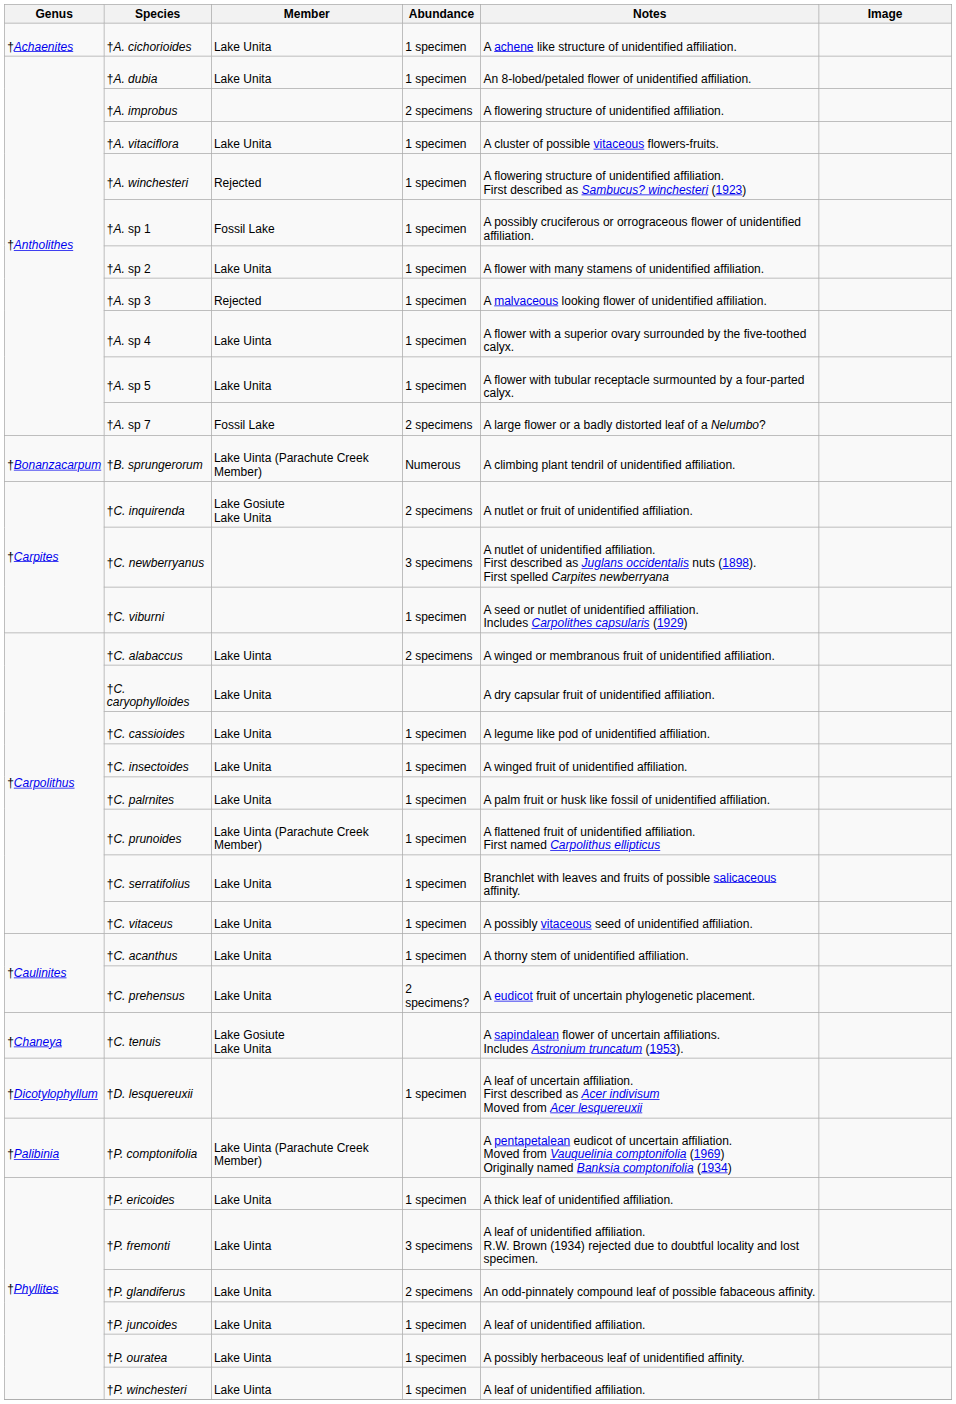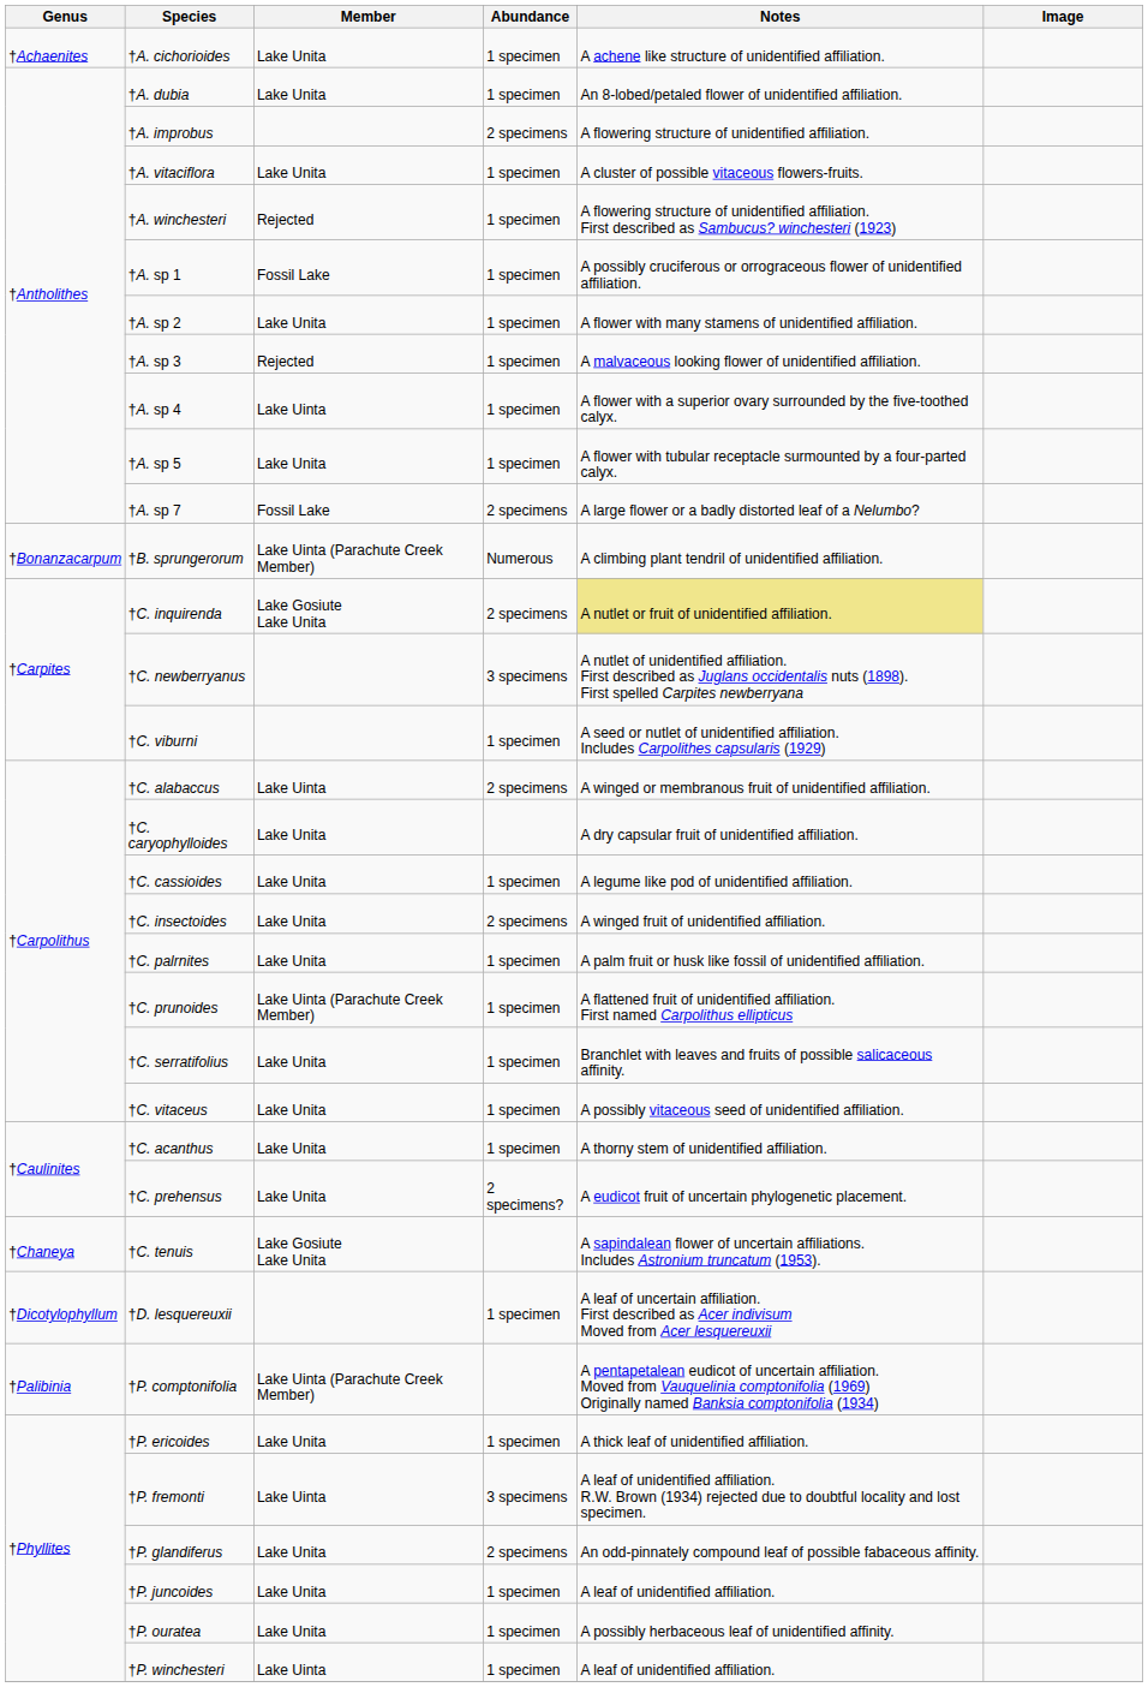 <table class="wikitable" style="margin:auto;width:100%;">
 <tr>
 <th>Genus</th>
 <th>Species</th>
 <th>Member</th>
 <th>Abundance</th>
 <th>Notes</th>
 <th width=170px>Image</th>
 </tr>
 <tr>
 <td><br>†<em><a href='#'>Achaenites</a></em></td>
 <td><br>†<em>A. cichorioides</em> </td>
 <td><br>Lake Unita</td>
 <td><br>1 specimen</td>
 <td><br>A <a href='#'>achene</a> like structure of unidentified affiliation.</td>
 <td><br></td>
 </tr>
 <tr>
 <td rowspan=10>†<em><a href='#'>Antholithes</a></em></td>
 <td><br>†<em>A. dubia</em> </td>
 <td><br>Lake Unita</td>
 <td><br>1 specimen</td>
 <td><br>An 8-lobed/petaled flower of unidentified affiliation.</td>
 <td></td>
 </tr>
 <tr>
 <td><br>†<em>A. improbus</em> </td>
 <td></td>
 <td><br>2 specimens</td>
 <td><br>A flowering structure of unidentified affiliation.</td>
 <td><br></td>
 </tr>
 <tr>
 <td><br>†<em>A. vitaciflora</em> </td>
 <td><br>Lake Unita</td>
 <td><br>1 specimen</td>
 <td><br>A cluster of possible <a href='#'>vitaceous</a> flowers-fruits.</td>
 <td></td>
 </tr>
 <tr>
 <td><br>†<em>A. winchesteri</em> </td>
 <td><br>Rejected</td>
 <td><br>1 specimen</td>
 <td><br>A flowering structure of unidentified affiliation.<br>First described as <em><a href='#'>Sambucus? winchesteri</a></em> (<a href='#'>1923</a>)</td>
 <td><br></td>
 </tr>
 <tr>
 <td><br>†<em>A.</em> sp 1 </td>
 <td><br>Fossil Lake</td>
 <td><br>1 specimen</td>
 <td><br>A possibly cruciferous or orrograceous flower of unidentified affiliation.</td>
 <td></td>
 </tr>
 <tr>
 <td><br>†<em>A.</em> sp 2 </td>
 <td><br>Lake Unita</td>
 <td><br>1 specimen</td>
 <td><br>A flower with many stamens of unidentified affiliation.</td>
 <td></td>
 </tr>
 <tr>
 <td><br>†<em>A.</em> sp 3 </td>
 <td><br>Rejected</td>
 <td><br>1 specimen</td>
 <td><br>A <a href='#'>malvaceous</a> looking flower of unidentified affiliation.</td>
 <td></td>
 </tr>
 <tr>
 <td><br>†<em>A.</em> sp 4 </td>
 <td><br>Lake Uinta</td>
 <td><br>1 specimen</td>
 <td><br>A flower with a superior ovary surrounded by the five-toothed calyx.</td>
 <td></td>
 </tr>
 <tr>
 <td><br>†<em>A.</em> sp 5 </td>
 <td><br>Lake Unita</td>
 <td><br>1 specimen</td>
 <td><br>A flower with tubular receptacle surmounted by a four-parted calyx.</td>
 <td></td>
 </tr>
 <tr>
 <td><br>†<em>A.</em> sp 7 </td>
 <td><br>Fossil Lake</td>
 <td><br>2 specimens</td>
 <td><br>A large flower or a badly distorted leaf of a <em>Nelumbo</em>?</td>
 <td></td>
 </tr>
 <tr>
 <td><br>†<em><a href='#'>Bonanzacarpum</a></em></td>
 <td><br>†<em>B. sprungerorum</em> </td>
 <td><br>Lake Uinta (Parachute Creek Member)</td>
 <td><br>Numerous</td>
 <td><br>A climbing plant tendril of unidentified affiliation.</td>
 <td></td>
 </tr>
 <tr>
 <td rowspan=3>†<em><a href='#'>Carpites</a></em></td>
 <td><br>†<em>C. inquirenda</em> </td>
 <td><br>Lake Gosiute<br> Lake Unita</td>
 <td><br>2 specimens</td>
-<td><br>A nutlet or fruit of unidentified affiliation.</td>
+<td style="background: khaki;"><br>A nutlet or fruit of unidentified affiliation.</td>
 <td><br></td>
 </tr>
 <tr>
 <td><br>†<em>C. newberryanus</em> </td>
 <td></td>
 <td><br>3 specimens</td>
 <td><br>A nutlet of unidentified affiliation.<br> First described as <em><a href='#'>Juglans occidentalis</a></em> nuts (<a href='#'>1898</a>).<br>First spelled <em>Carpites newberryana</em></td>
 <td></td>
 </tr>
 <tr>
 <td><br>†<em>C. viburni</em> </td>
 <td></td>
 <td><br>1 specimen</td>
 <td><br>A seed or nutlet of unidentified affiliation.<br>Includes <em><a href='#'>Carpolithes capsularis</a></em> (<a href='#'>1929</a>)</td>
 <td><br></td>
 </tr>
 <tr>
 <td rowspan=8>†<em><a href='#'>Carpolithus</a></em></td>
 <td><br>†<em>C. alabaccus</em> </td>
 <td><br>Lake Uinta</td>
 <td><br>2 specimens</td>
 <td><br>A winged or membranous fruit of unidentified affiliation.</td>
 <td></td>
 </tr>
 <tr>
 <td><br>†<em>C. caryophylloides</em> </td>
 <td><br>Lake Unita</td>
 <td></td>
 <td><br>A dry capsular fruit of unidentified affiliation.</td>
 <td><br></td>
 </tr>
 <tr>
 <td><br>†<em>C. cassioides</em> </td>
 <td><br>Lake Unita</td>
 <td><br>1 specimen</td>
 <td><br>A legume like pod of unidentified affiliation.</td>
 <td></td>
 </tr>
 <tr>
 <td><br>†<em>C. insectoides</em> </td>
 <td><br>Lake Unita</td>
-<td><br>1 specimen</td>
+<td><br>2 specimens</td>
 <td><br>A winged fruit of unidentified affiliation.</td>
 <td></td>
 </tr>
 <tr>
 <td><br>†<em>C. palrnites</em> </td>
 <td><br>Lake Unita</td>
 <td><br>1 specimen</td>
 <td><br>A palm fruit or husk like fossil of unidentified affiliation.</td>
 <td></td>
 </tr>
 <tr>
 <td><br>†<em>C. prunoides</em> </td>
 <td><br>Lake Uinta (Parachute Creek Member)</td>
 <td><br>1 specimen</td>
 <td><br>A flattened fruit of unidentified affiliation.<br> First named <em><a href='#'>Carpolithus ellipticus</a></em> </td>
 <td></td>
 </tr>
 <tr>
 <td><br>†<em>C. serratifolius</em> </td>
 <td><br>Lake Unita</td>
 <td><br>1 specimen</td>
 <td><br>Branchlet with leaves and fruits of possible <a href='#'>salicaceous</a> affinity.</td>
 <td></td>
 </tr>
 <tr>
 <td><br>†<em>C. vitaceus</em> </td>
 <td><br>Lake Unita</td>
 <td><br>1 specimen</td>
 <td><br>A possibly <a href='#'>vitaceous</a> seed of unidentified affiliation.</td>
 <td></td>
 </tr>
 <tr>
 <td rowspan=2>†<em><a href='#'>Caulinites</a></em></td>
 <td><br>†<em>C. acanthus</em> </td>
 <td><br>Lake Unita</td>
 <td><br>1 specimen</td>
 <td><br>A thorny stem of unidentified affiliation.</td>
 <td></td>
 </tr>
 <tr>
 <td><br>†<em>C. prehensus</em> </td>
 <td><br>Lake Unita</td>
 <td><br>2 specimens?</td>
 <td><br>A <a href='#'>eudicot</a> fruit of uncertain phylogenetic placement.</td>
 <td></td>
 </tr>
 <tr>
 <td><br>†<em><a href='#'>Chaneya</a></em></td>
 <td><br>†<em>C. tenuis</em> </td>
 <td><br>Lake Gosiute<br> Lake Unita</td>
 <td></td>
 <td><br>A <a href='#'>sapindalean</a> flower of uncertain affiliations.<br>Includes <em><a href='#'>Astronium truncatum</a></em> (<a href='#'>1953</a>).</td>
 <td><br></td>
 </tr>
 <tr>
 <td><br>†<em><a href='#'>Dicotylophyllum</a></em></td>
 <td><br>†<em>D. lesquereuxii</em> </td>
 <td></td>
 <td><br>1 specimen</td>
 <td><br>A leaf of uncertain affiliation.<br> First described as <em><a href='#'>Acer indivisum</a></em> <br>Moved from <em><a href='#'>Acer lesquereuxii</a></em> </td>
 <td><br></td>
 </tr>
 <tr>
 <td><br>†<em><a href='#'>Palibinia</a></em></td>
 <td><br>†<em>P. comptonifolia</em> </td>
 <td><br>Lake Uinta (Parachute Creek Member)</td>
 <td></td>
 <td><br>A <a href='#'>pentapetalean</a> eudicot of uncertain affiliation.<br>Moved from <em><a href='#'>Vauquelinia comptonifolia</a></em> (<a href='#'>1969</a>)<br>Originally named <em><a href='#'>Banksia comptonifolia</a></em> (<a href='#'>1934</a>)</td>
 <td></td>
 </tr>
 <tr>
 <td rowspan=6>†<em><a href='#'>Phyllites</a></em></td>
 <td><br>†<em>P. ericoides</em> </td>
 <td><br>Lake Unita</td>
 <td><br>1 specimen</td>
 <td><br>A thick leaf of unidentified affiliation.</td>
 <td></td>
 </tr>
 <tr>
 <td><br>†<em>P. fremonti</em> </td>
 <td><br>Lake Uinta</td>
 <td><br>3 specimens</td>
 <td><br>A leaf of unidentified affiliation.<br>R.W. Brown (1934) rejected due to doubtful locality and lost specimen.</td>
 <td></td>
 </tr>
 <tr>
 <td><br>†<em>P. glandiferus</em> </td>
 <td><br>Lake Unita</td>
 <td><br>2 specimens</td>
 <td><br>An odd-pinnately compound leaf of possible fabaceous affinity.</td>
 <td></td>
 </tr>
 <tr>
 <td><br>†<em>P. juncoides</em> </td>
 <td><br>Lake Unita</td>
 <td><br>1 specimen</td>
 <td><br>A leaf of unidentified affiliation.</td>
 <td></td>
 </tr>
 <tr>
 <td><br>†<em>P. ouratea</em> </td>
-<td><br>Lake Uinta</td>
+<td><br>Lake Unita</td>
 <td><br>1 specimen</td>
 <td><br>A possibly herbaceous leaf of unidentified affinity.</td>
 <td></td>
 </tr>
 <tr>
 <td><br>†<em>P. winchesteri</em> </td>
 <td><br>Lake Uinta</td>
 <td><br>1 specimen</td>
 <td><br>A leaf of unidentified affiliation.</td>
 <td><br></td>
 </tr>
 <tr>
 </tr>
 </table>
